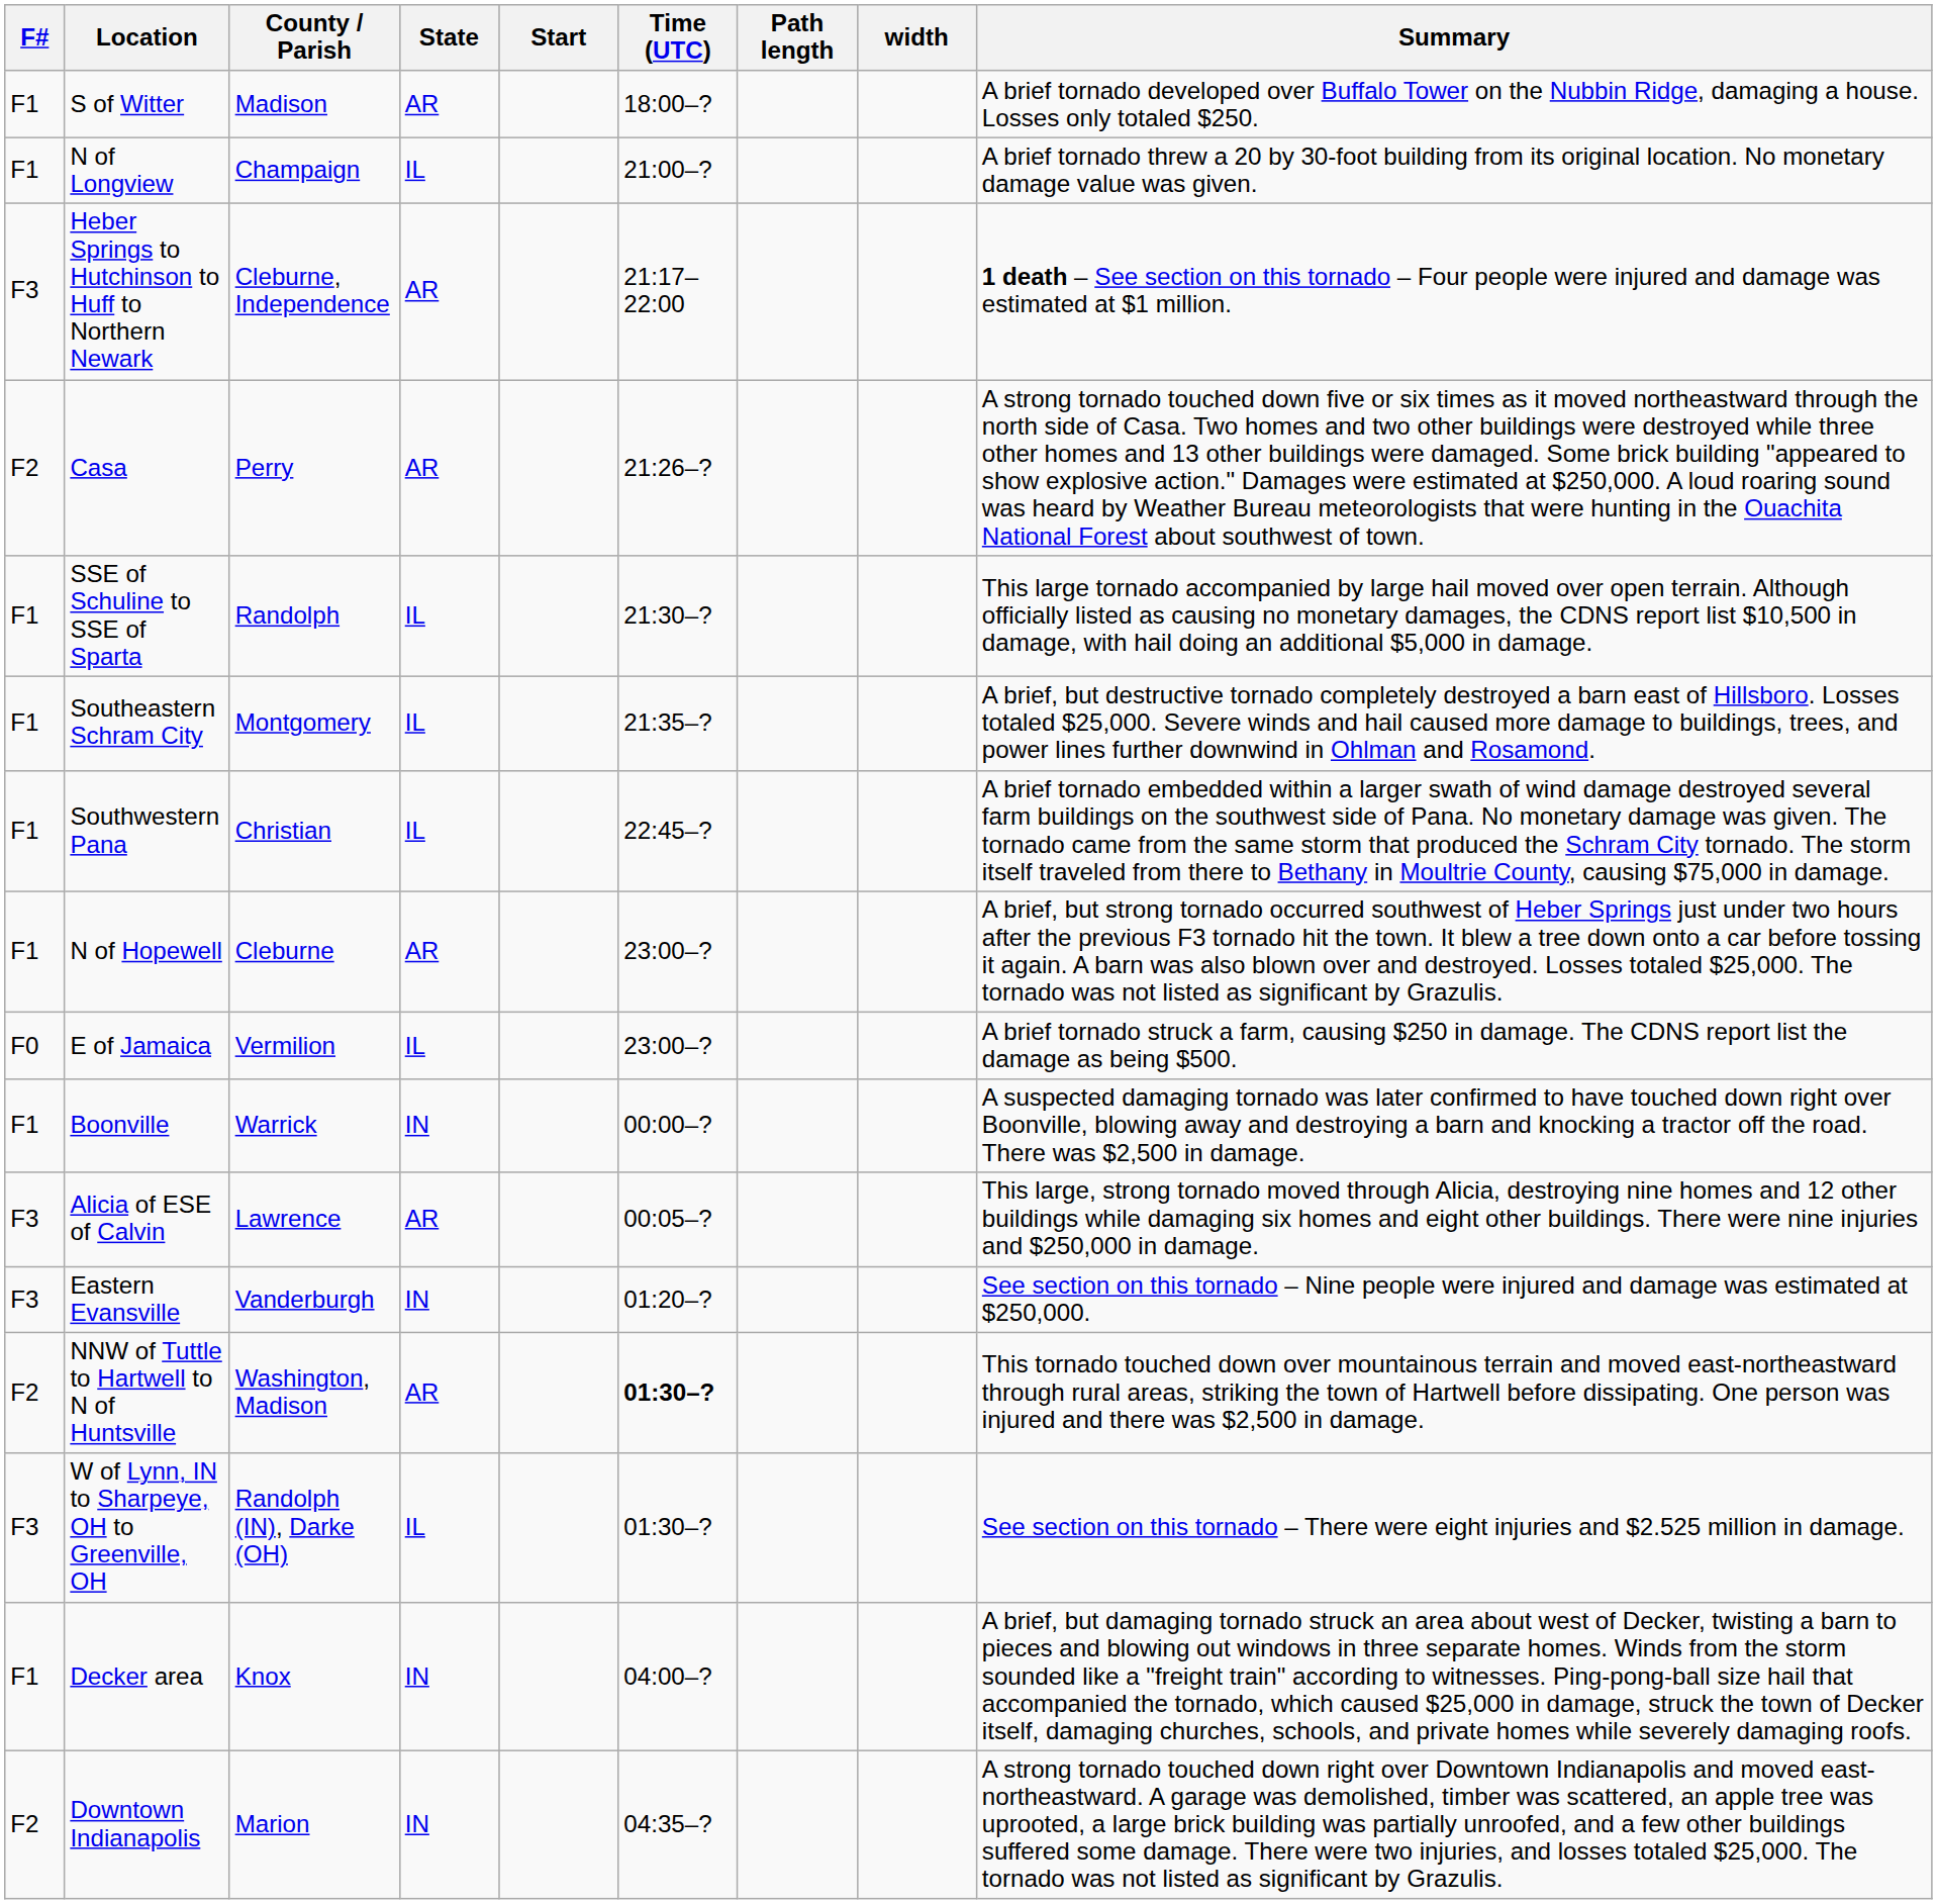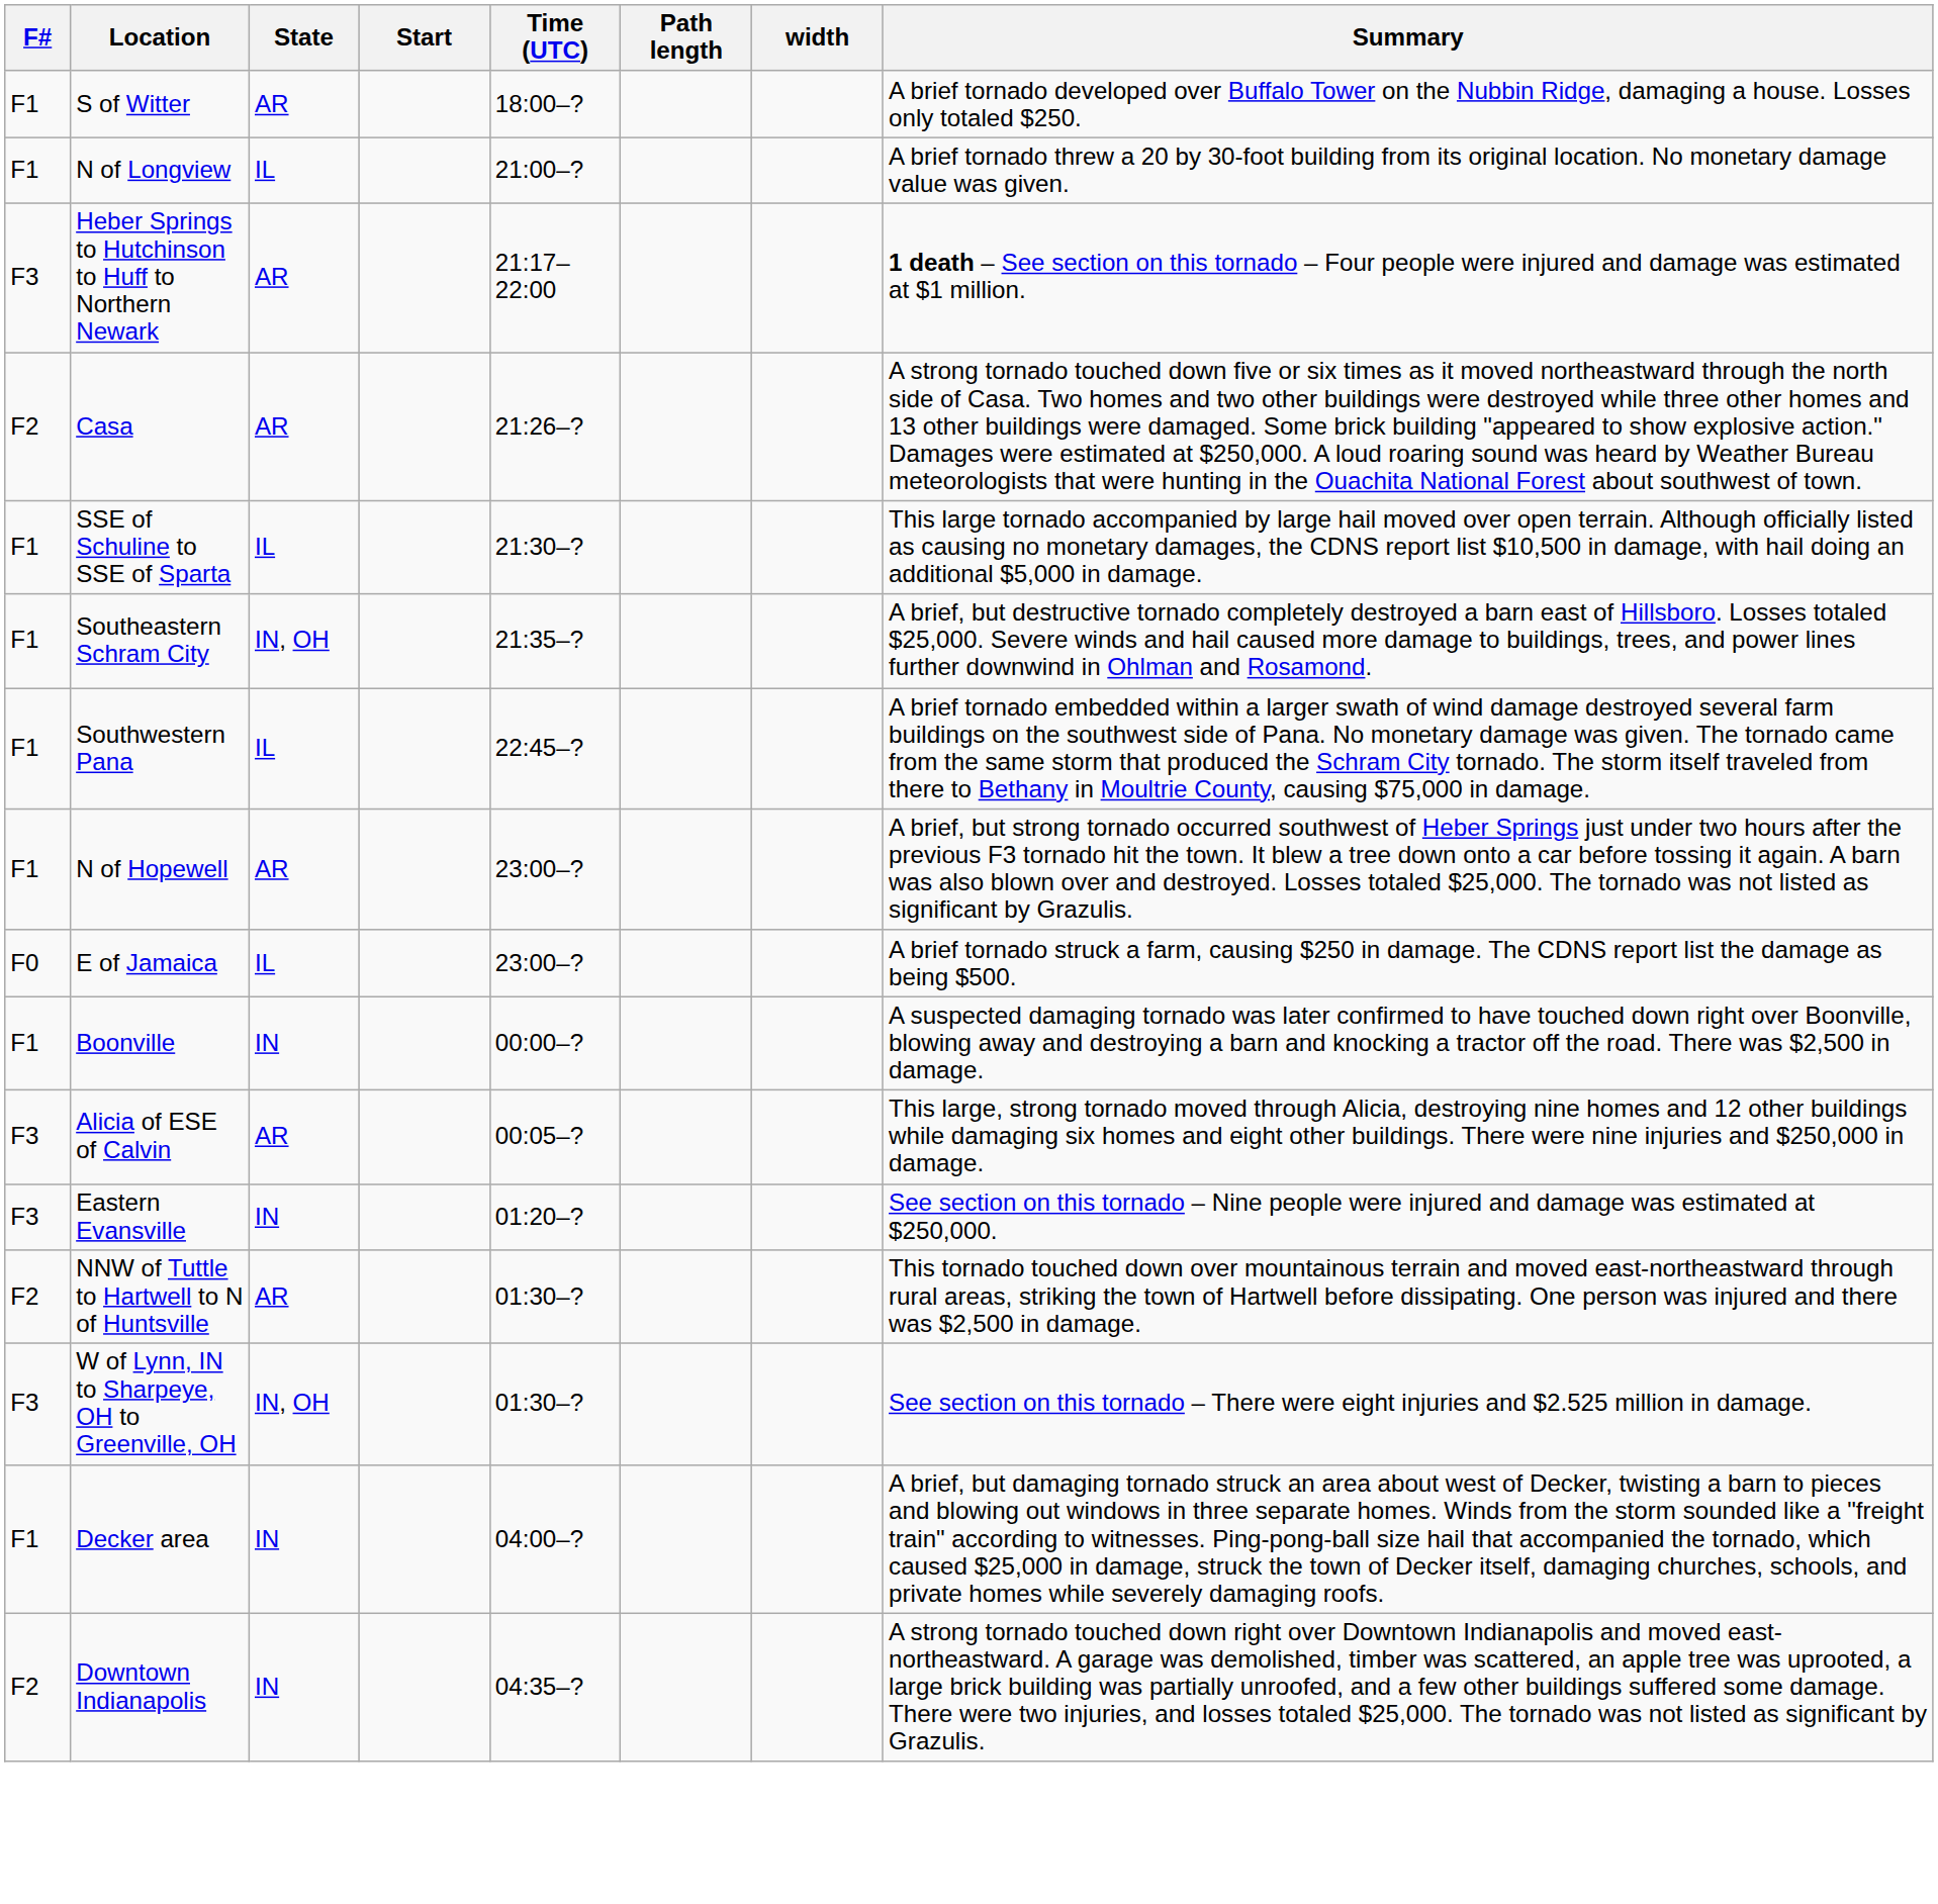 <table class="wikitable sortable" style="width:100%;">
 <tr>
 <th scope="col"  style="width:3%; text-align:center;"><a href='#'>F#</a></th>
 <th scope="col"  style="width:7%; text-align:center;" class="unsortable">Location</th>
-<th scope="col"  style="width:6%; text-align:center;" class="unsortable">County / Parish</th>
 <th scope="col"  style="width:5%; text-align:center;">State</th>
 <th scope="col"  style="width:6%; text-align:center;">Start<br></th>
 <th scope="col"  style="width:6%; text-align:center;">Time (<a href='#'>UTC</a>)</th>
 <th scope="col"  style="width:6%; text-align:center;">Path length</th>
 <th scope="col"  style="width:6%; text-align:center;"> width</th>
 <th scope="col" class="unsortable" style="width:48%; text-align:center;">Summary</th>
 </tr>
 <tr>
 <td>F1</td>
 <td>S of <a href='#'>Witter</a></td>
-<td><a href='#'>Madison</a></td>
 <td><a href='#'>AR</a></td>
 <td></td>
 <td>18:00–?</td>
 <td></td>
 <td></td>
 <td>A brief tornado developed over <a href='#'>Buffalo Tower</a> on the <a href='#'>Nubbin Ridge</a>, damaging a house. Losses only totaled $250.</td>
 </tr>
 <tr>
 <td>F1</td>
 <td>N of <a href='#'>Longview</a></td>
-<td><a href='#'>Champaign</a></td>
 <td><a href='#'>IL</a></td>
 <td></td>
 <td>21:00–?</td>
 <td></td>
 <td></td>
 <td>A brief tornado threw a 20 by 30-foot building  from its original location. No monetary damage value was given.</td>
 </tr>
 <tr>
 <td>F3</td>
 <td><a href='#'>Heber Springs</a> to <a href='#'>Hutchinson</a> to <a href='#'>Huff</a> to Northern <a href='#'>Newark</a></td>
-<td><a href='#'>Cleburne</a>, <a href='#'>Independence</a></td>
 <td><a href='#'>AR</a></td>
 <td></td>
 <td>21:17–22:00</td>
 <td></td>
 <td></td>
 <td><strong>1 death</strong> – <a href='#'>See section on this tornado</a> – Four people were injured and damage was estimated at $1 million.</td>
 </tr>
 <tr>
 <td>F2</td>
 <td><a href='#'>Casa</a></td>
-<td><a href='#'>Perry</a></td>
 <td><a href='#'>AR</a></td>
 <td></td>
 <td>21:26–?</td>
 <td></td>
 <td></td>
 <td>A strong tornado touched down five or six times as it moved northeastward through the north side of Casa. Two homes and two other buildings were destroyed while three other homes and 13 other buildings were damaged. Some brick building "appeared to show explosive action." Damages were estimated at $250,000. A loud roaring sound was heard by Weather Bureau meteorologists that were hunting in the <a href='#'>Ouachita National Forest</a> about  southwest of town.</td>
 </tr>
 <tr>
 <td>F1</td>
 <td>SSE of <a href='#'>Schuline</a> to SSE of <a href='#'>Sparta</a></td>
-<td><a href='#'>Randolph</a></td>
 <td><a href='#'>IL</a></td>
 <td></td>
 <td>21:30–?</td>
 <td></td>
 <td></td>
 <td>This large tornado accompanied by large hail moved over open terrain. Although officially listed as causing no monetary damages, the CDNS report list $10,500 in damage, with hail doing an additional $5,000 in damage.</td>
 </tr>
 <tr>
 <td>F1</td>
 <td>Southeastern <a href='#'>Schram City</a></td>
-<td><a href='#'>Montgomery</a></td>
-<td><a href='#'>IL</a></td>
+<td><a href='#'>IN</a>, <a href='#'>OH</a></td>
 <td></td>
 <td>21:35–?</td>
 <td></td>
 <td></td>
 <td>A brief, but destructive tornado completely destroyed a barn east of <a href='#'>Hillsboro</a>. Losses totaled $25,000. Severe winds and hail caused more damage to buildings, trees, and power lines further downwind in <a href='#'>Ohlman</a> and <a href='#'>Rosamond</a>.</td>
 </tr>
 <tr>
 <td>F1</td>
 <td>Southwestern <a href='#'>Pana</a></td>
-<td><a href='#'>Christian</a></td>
 <td><a href='#'>IL</a></td>
 <td></td>
 <td>22:45–?</td>
 <td></td>
 <td></td>
 <td>A brief tornado embedded within a larger swath of wind damage destroyed several farm buildings on the southwest side of Pana. No monetary damage was given. The tornado came from the same storm that produced the <a href='#'>Schram City</a> tornado. The storm itself traveled  from there to <a href='#'>Bethany</a> in <a href='#'>Moultrie County</a>, causing $75,000 in damage.</td>
 </tr>
 <tr>
 <td>F1</td>
 <td>N of <a href='#'>Hopewell</a></td>
-<td><a href='#'>Cleburne</a></td>
 <td><a href='#'>AR</a></td>
 <td></td>
 <td>23:00–?</td>
 <td></td>
 <td></td>
 <td>A brief, but strong tornado occurred southwest of <a href='#'>Heber Springs</a> just under two hours after the previous F3 tornado hit the town. It blew a tree down onto a car before tossing it again. A barn was also blown over and destroyed. Losses totaled $25,000. The tornado was not listed as significant by Grazulis.</td>
 </tr>
 <tr>
 <td>F0</td>
 <td>E of <a href='#'>Jamaica</a></td>
-<td><a href='#'>Vermilion</a></td>
 <td><a href='#'>IL</a></td>
 <td></td>
 <td>23:00–?</td>
 <td></td>
 <td></td>
 <td>A brief tornado struck a farm, causing $250 in damage. The CDNS report list the damage as being $500.</td>
 </tr>
 <tr>
 <td>F1</td>
 <td><a href='#'>Boonville</a></td>
-<td><a href='#'>Warrick</a></td>
 <td><a href='#'>IN</a></td>
 <td></td>
 <td>00:00–?</td>
 <td></td>
 <td></td>
 <td>A suspected damaging tornado was later confirmed to have touched down right over Boonville, blowing away and destroying a barn and knocking a tractor off the road. There was $2,500 in damage.</td>
 </tr>
 <tr>
 <td>F3</td>
 <td><a href='#'>Alicia</a> of ESE of <a href='#'>Calvin</a></td>
-<td><a href='#'>Lawrence</a></td>
 <td><a href='#'>AR</a></td>
 <td></td>
 <td>00:05–?</td>
 <td></td>
 <td></td>
 <td>This large, strong tornado moved through Alicia, destroying nine homes and 12 other buildings while damaging six homes and eight other buildings. There were nine injuries and $250,000 in damage.</td>
 </tr>
 <tr>
 <td>F3</td>
 <td>Eastern <a href='#'>Evansville</a></td>
-<td><a href='#'>Vanderburgh</a></td>
 <td><a href='#'>IN</a></td>
 <td></td>
 <td>01:20–?</td>
 <td></td>
 <td></td>
 <td><a href='#'>See section on this tornado</a> – Nine people were injured and damage was estimated at $250,000.</td>
 </tr>
 <tr>
 <td>F2</td>
 <td>NNW of <a href='#'>Tuttle</a> to <a href='#'>Hartwell</a> to N of <a href='#'>Huntsville</a></td>
-<td><a href='#'>Washington</a>, <a href='#'>Madison</a></td>
 <td><a href='#'>AR</a></td>
 <td></td>
-<td><strong>01:30–?</strong></td>
+<td>01:30–?</td>
 <td></td>
 <td></td>
 <td>This tornado touched down over mountainous terrain and moved east-northeastward through rural areas, striking the town of Hartwell before dissipating. One person was injured and there was $2,500 in damage.</td>
 </tr>
 <tr>
 <td>F3</td>
 <td>W of <a href='#'>Lynn, IN</a> to <a href='#'>Sharpeye, OH</a> to <a href='#'>Greenville, OH</a></td>
-<td><a href='#'>Randolph (IN)</a>, <a href='#'>Darke (OH)</a></td>
-<td><a href='#'>IL</a></td>
+<td><a href='#'>IN</a>, <a href='#'>OH</a></td>
 <td></td>
 <td>01:30–?</td>
 <td></td>
 <td></td>
 <td><a href='#'>See section on this tornado</a> – There were eight injuries and $2.525 million in damage.</td>
 </tr>
 <tr>
 <td>F1</td>
 <td><a href='#'>Decker</a> area</td>
-<td><a href='#'>Knox</a></td>
 <td><a href='#'>IN</a></td>
 <td></td>
 <td>04:00–?</td>
 <td></td>
 <td></td>
 <td>A brief, but damaging tornado struck an area about  west of Decker, twisting a barn to pieces and blowing out windows in three separate homes. Winds from the storm sounded like a "freight train" according to witnesses. Ping-pong-ball size hail that accompanied the tornado, which caused $25,000 in damage, struck the town of Decker itself, damaging churches, schools, and private homes while severely damaging roofs.</td>
 </tr>
 <tr>
 <td>F2</td>
 <td><a href='#'>Downtown Indianapolis</a></td>
-<td><a href='#'>Marion</a></td>
 <td><a href='#'>IN</a></td>
 <td></td>
 <td>04:35–?</td>
 <td></td>
 <td></td>
 <td>A strong tornado touched down right over Downtown Indianapolis and moved east-northeastward. A garage was demolished, timber was scattered, an apple tree was uprooted, a large brick building was partially unroofed, and a few other buildings suffered some damage. There were two injuries, and losses totaled $25,000. The tornado was not listed as significant by Grazulis.</td>
 </tr>
 </table>
